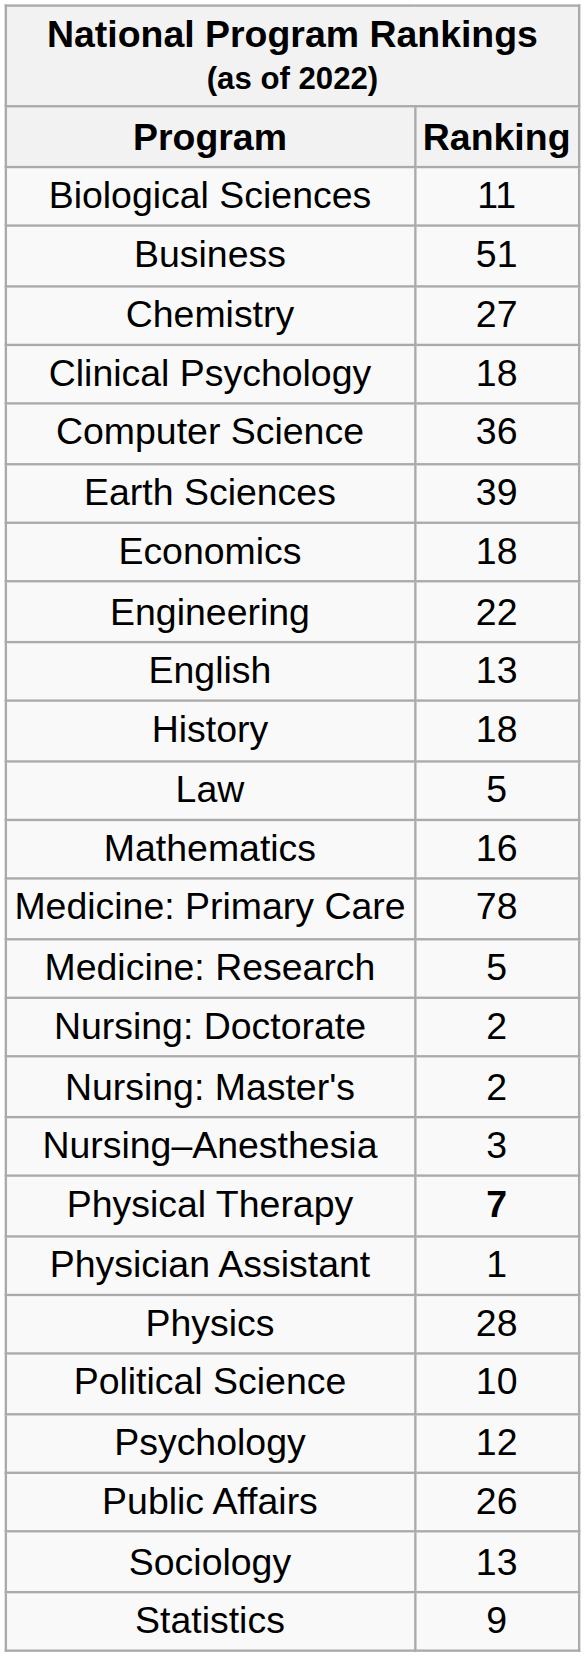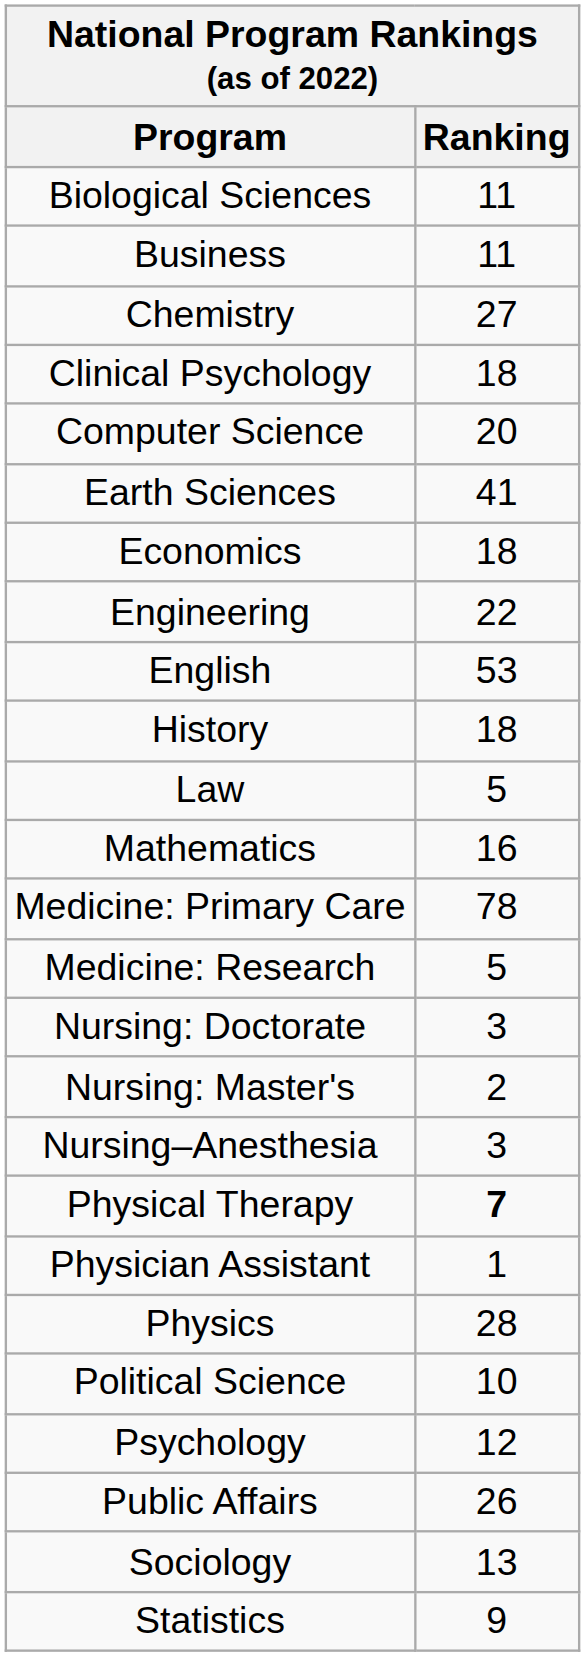 <table class="wikitable sortable collapsible collapsed" style="float:right; text-align:center">
 <tr>
 <th colspan=4>National Program Rankings<br><small>(as of 2022)</small></th>
 </tr>
 <tr>
 <th>Program</th>
 <th>Ranking</th>
 </tr>
 <tr>
 <td>Biological Sciences</td>
 <td>11</td>
 </tr>
 <tr>
 <td>Business</td>
-<td>51</td>
+<td>11</td>
 </tr>
 <tr>
 <td>Chemistry</td>
 <td>27</td>
 </tr>
 <tr>
 <td>Clinical Psychology</td>
 <td>18</td>
 </tr>
 <tr>
 <td>Computer Science</td>
-<td>36</td>
+<td>20</td>
 </tr>
 <tr>
 <td>Earth Sciences</td>
-<td>39</td>
+<td>41</td>
 </tr>
 <tr>
 <td>Economics</td>
 <td>18</td>
 </tr>
 <tr>
 <td>Engineering</td>
 <td>22</td>
 </tr>
 <tr>
 <td>English</td>
-<td>13</td>
+<td>53</td>
 </tr>
 <tr>
 <td>History</td>
 <td>18</td>
 </tr>
 <tr>
 <td>Law</td>
 <td>5</td>
 </tr>
 <tr>
 <td>Mathematics</td>
 <td>16</td>
 </tr>
 <tr>
 <td>Medicine: Primary Care</td>
 <td>78</td>
 </tr>
 <tr>
 <td>Medicine: Research</td>
 <td>5</td>
 </tr>
 <tr>
 <td>Nursing: Doctorate</td>
-<td>2</td>
+<td>3</td>
 </tr>
 <tr>
 <td>Nursing: Master's</td>
 <td>2</td>
 </tr>
 <tr>
 <td>Nursing–Anesthesia</td>
 <td>3</td>
 </tr>
 <tr>
 <td>Physical Therapy</td>
 <td><strong>7</strong></td>
 </tr>
 <tr>
 <td>Physician Assistant</td>
 <td>1</td>
 </tr>
 <tr>
 <td>Physics</td>
 <td>28</td>
 </tr>
 <tr>
 <td>Political Science</td>
 <td>10</td>
 </tr>
 <tr>
 <td>Psychology</td>
 <td>12</td>
 </tr>
 <tr>
 <td>Public Affairs</td>
 <td>26</td>
 </tr>
 <tr>
 <td>Sociology</td>
 <td>13</td>
 </tr>
 <tr>
 <td>Statistics</td>
 <td>9</td>
 </tr>
 </table>
